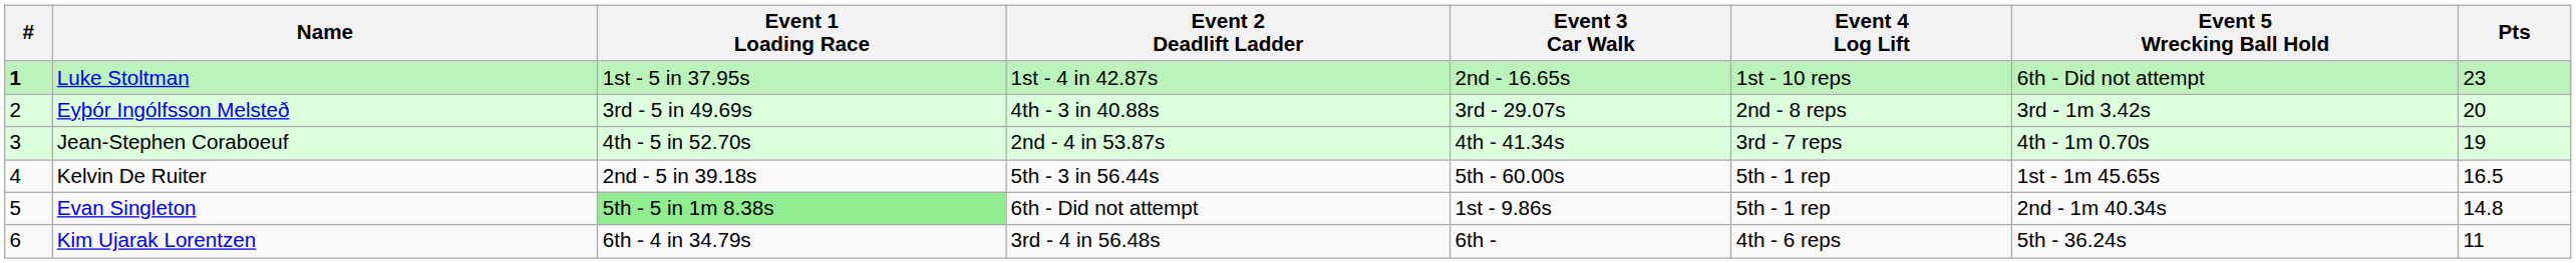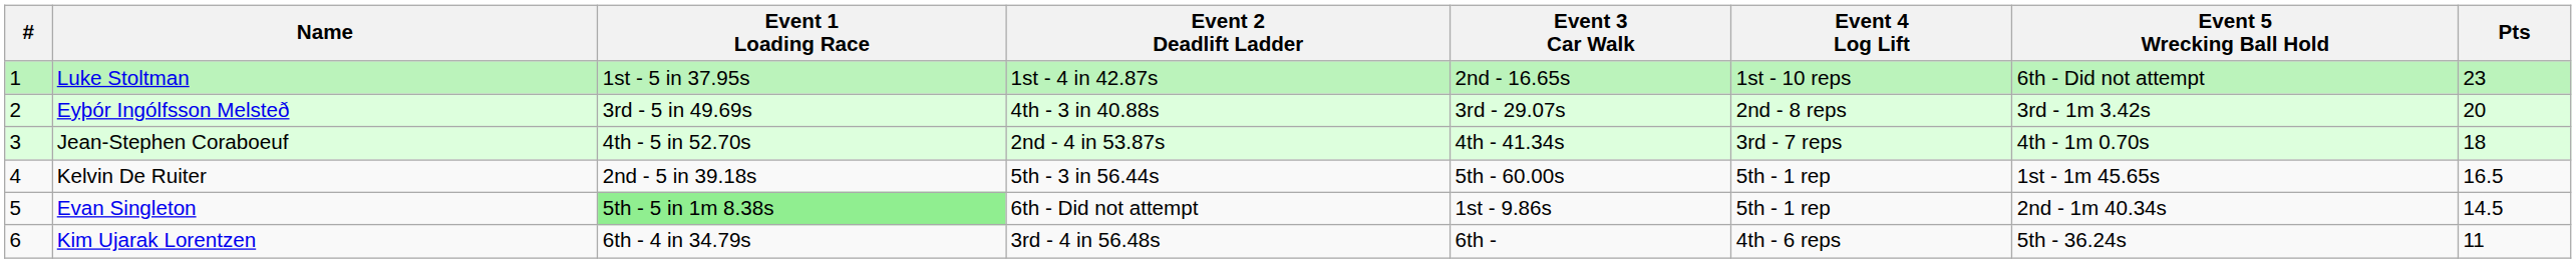 <table class="wikitable sortable" style="display: inline-table;width: 100%;">
 <tr>
 <th>#</th>
 <th>Name</th>
 <th>Event 1<br>Loading Race</th>
 <th>Event 2<br>Deadlift Ladder</th>
 <th>Event 3<br>Car Walk</th>
 <th>Event 4<br>Log Lift</th>
 <th>Event 5<br>Wrecking Ball Hold</th>
 <th>Pts</th>
 </tr>
 <tr bgcolor=bbf3bb>
-<td><strong>1</strong></td>
+<td>1</td>
 <td> <a href='#'>Luke Stoltman</a></td>
 <td>1st - 5 in 37.95s</td>
 <td>1st - 4 in 42.87s</td>
 <td>2nd - 16.65s</td>
 <td>1st - 10 reps</td>
 <td>6th - Did not attempt</td>
 <td>23</td>
 </tr>
 <tr bgcolor=ddffdd>
 <td>2</td>
 <td> <a href='#'>Eyþór Ingólfsson Melsteð</a></td>
 <td>3rd - 5 in 49.69s</td>
 <td>4th - 3 in 40.88s</td>
 <td>3rd - 29.07s</td>
 <td>2nd - 8 reps</td>
 <td>3rd - 1m 3.42s</td>
 <td>20</td>
 </tr>
 <tr bgcolor=ddffdd>
 <td>3</td>
 <td> Jean-Stephen Coraboeuf</td>
 <td>4th - 5 in 52.70s</td>
 <td>2nd - 4 in 53.87s</td>
 <td>4th - 41.34s</td>
 <td>3rd - 7 reps</td>
 <td>4th - 1m 0.70s</td>
-<td>19</td>
+<td>18</td>
 </tr>
 <tr>
 <td>4</td>
 <td> Kelvin De Ruiter</td>
 <td>2nd - 5 in 39.18s</td>
 <td>5th - 3 in 56.44s</td>
 <td>5th - 60.00s</td>
 <td>5th - 1 rep</td>
 <td>1st - 1m 45.65s</td>
 <td>16.5</td>
 </tr>
 <tr>
 <td>5</td>
 <td> <a href='#'>Evan Singleton</a></td>
 <td style="background: lightgreen;">5th - 5 in 1m 8.38s</td>
 <td>6th - Did not attempt</td>
 <td>1st - 9.86s</td>
 <td>5th - 1 rep</td>
 <td>2nd - 1m 40.34s</td>
-<td>14.8</td>
+<td>14.5</td>
 </tr>
 <tr>
 <td>6</td>
 <td> <a href='#'>Kim Ujarak Lorentzen</a></td>
 <td>6th - 4 in 34.79s</td>
 <td>3rd - 4 in 56.48s</td>
 <td>6th - </td>
 <td>4th - 6 reps</td>
 <td>5th - 36.24s</td>
 <td>11</td>
 </tr>
 </table>
